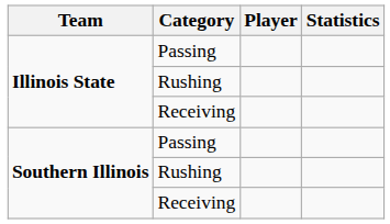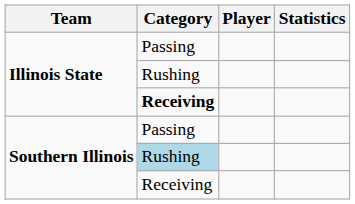 <table class="wikitable" style="float: right;">
 <tr>
 <th>Team</th>
 <th>Category</th>
 <th>Player</th>
 <th>Statistics</th>
 </tr>
 <tr>
 <td rowspan=3><strong>Illinois State</strong></td>
 <td>Passing</td>
 <td></td>
 <td></td>
 </tr>
 <tr>
 <td>Rushing</td>
 <td></td>
 <td></td>
 </tr>
 <tr>
-<td>Receiving</td>
+<td><strong>Receiving</strong></td>
 <td></td>
 <td></td>
 </tr>
 <tr>
 <td rowspan=3><strong>Southern Illinois</strong></td>
 <td>Passing</td>
 <td></td>
 <td></td>
 </tr>
 <tr>
-<td>Rushing</td>
+<td style="background: lightblue;">Rushing</td>
 <td></td>
 <td></td>
 </tr>
 <tr>
 <td>Receiving</td>
 <td></td>
 <td></td>
 </tr>
 </table>
